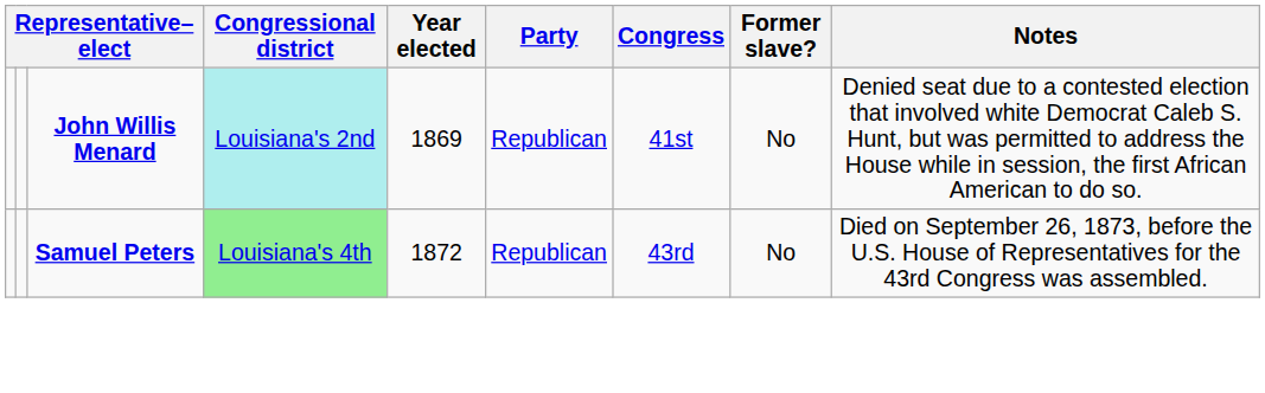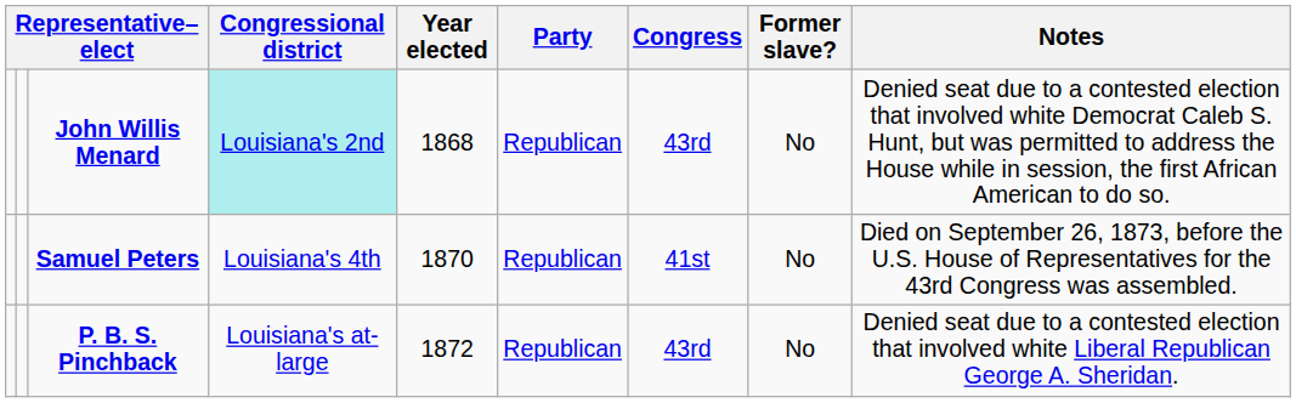 <table class="wikitable sortable plainrowheaders" style="text-align: center;">
 <tr>
 <th colspan=3 class=unsortable><a href='#'>Representative–elect</a></th>
 <th scope="col"><a href='#'>Congressional district</a></th>
 <th scope="col">Year elected</th>
 <th scope="col"><a href='#'>Party</a></th>
 <th scope="col"><a href='#'>Congress</a></th>
 <th scope="col">Former slave?</th>
 <th scope="col" class=unsortable>Notes</th>
 </tr>
 <tr>
 <td style="background: "></td>
 <td></td>
 <td><strong><a href='#'>John Willis Menard</a></strong><br></td>
 <td style="background: paleturquoise;"><a href='#'>Louisiana's 2nd</a></td>
-<td>1869</td>
+<td>1868</td>
 <td><a href='#'>Republican</a></td>
-<td><a href='#'>41st</a><br></td>
+<td><a href='#'>43rd</a><br></td>
 <td>No</td>
 <td>Denied seat due to a contested election that involved white Democrat Caleb S. Hunt, but was permitted to address the House while in session, the first African American to do so.</td>
 </tr>
 <tr>
 <td style="background: "></td>
 <td></td>
 <td><strong><a href='#'>Samuel Peters</a></strong><br></td>
-<td style="background: lightgreen;"><a href='#'>Louisiana's 4th</a></td>
+<td><a href='#'>Louisiana's 4th</a></td>
+<td>1870</td>
+<td><a href='#'>Republican</a></td>
+<td><a href='#'>41st</a><br></td>
+<td>No</td>
+<td>Died on September 26, 1873, before the U.S. House of Representatives for the 43rd Congress was assembled.</td>
+</tr>
+<tr>
+<td style="background: "></td>
+<td></td>
+<td><strong><a href='#'>P. B. S. Pinchback</a></strong><br></td>
+<td><a href='#'>Louisiana's at-large</a></td>
 <td>1872</td>
 <td><a href='#'>Republican</a></td>
 <td><a href='#'>43rd</a><br></td>
 <td>No</td>
-<td>Died on September 26, 1873, before the U.S. House of Representatives for the 43rd Congress was assembled.</td>
+<td>Denied seat due to a contested election that involved white <a href='#'>Liberal Republican</a> <a href='#'>George A. Sheridan</a>.</td>
 </tr>
 </table>
